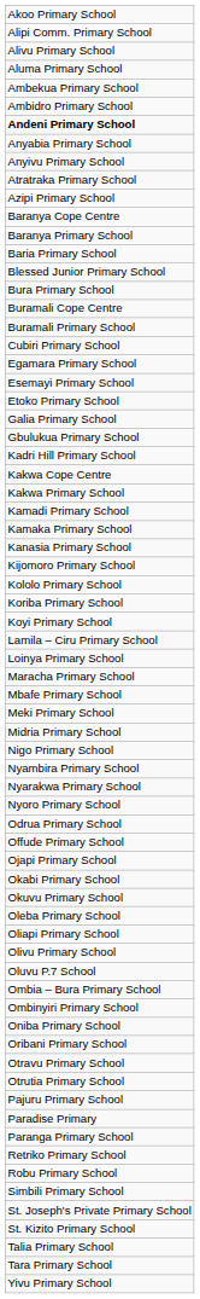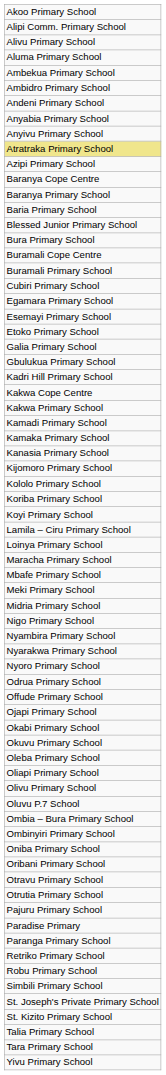 <table class="wikitable">
 <tr>
 <td>Akoo Primary School</td>
 </tr>
 <tr>
 <td>Alipi Comm. Primary School</td>
 </tr>
 <tr>
 <td>Alivu Primary School</td>
 </tr>
 <tr>
 <td>Aluma Primary School</td>
 </tr>
 <tr>
 <td>Ambekua Primary School</td>
 </tr>
 <tr>
 <td>Ambidro Primary School</td>
 </tr>
 <tr>
-<td><strong>Andeni Primary School</strong></td>
+<td>Andeni Primary School</td>
 </tr>
 <tr>
 <td>Anyabia Primary School</td>
 </tr>
 <tr>
 <td>Anyivu Primary School</td>
 </tr>
 <tr>
-<td>Atratraka Primary School</td>
+<td style="background: khaki;">Atratraka Primary School</td>
 </tr>
 <tr>
 <td>Azipi Primary School</td>
 </tr>
 <tr>
 <td>Baranya Cope Centre</td>
 </tr>
 <tr>
 <td>Baranya Primary School</td>
 </tr>
 <tr>
 <td>Baria Primary School</td>
 </tr>
 <tr>
 <td>Blessed Junior Primary School</td>
 </tr>
 <tr>
 <td>Bura Primary School</td>
 </tr>
 <tr>
 <td>Buramali Cope Centre</td>
 </tr>
 <tr>
 <td>Buramali Primary School</td>
 </tr>
 <tr>
 <td>Cubiri Primary School</td>
 </tr>
 <tr>
 <td>Egamara Primary School</td>
 </tr>
 <tr>
 <td>Esemayi Primary School</td>
 </tr>
 <tr>
 <td>Etoko Primary School</td>
 </tr>
 <tr>
 <td>Galia Primary School</td>
 </tr>
 <tr>
 <td>Gbulukua Primary School</td>
 </tr>
 <tr>
 <td>Kadri Hill Primary School</td>
 </tr>
 <tr>
 <td>Kakwa Cope Centre</td>
 </tr>
 <tr>
 <td>Kakwa Primary School</td>
 </tr>
 <tr>
 <td>Kamadi Primary School</td>
 </tr>
 <tr>
 <td>Kamaka Primary School</td>
 </tr>
 <tr>
 <td>Kanasia Primary School</td>
 </tr>
 <tr>
 <td>Kijomoro Primary School</td>
 </tr>
 <tr>
 <td>Kololo Primary School</td>
 </tr>
 <tr>
 <td>Koriba Primary School</td>
 </tr>
 <tr>
 <td>Koyi Primary School</td>
 </tr>
 <tr>
 <td>Lamila – Ciru Primary School</td>
 </tr>
 <tr>
 <td>Loinya Primary School</td>
 </tr>
 <tr>
 <td>Maracha Primary School</td>
 </tr>
 <tr>
 <td>Mbafe Primary School</td>
 </tr>
 <tr>
 <td>Meki Primary School</td>
 </tr>
 <tr>
 <td>Midria Primary School</td>
 </tr>
 <tr>
 <td>Nigo Primary School</td>
 </tr>
 <tr>
 <td>Nyambira Primary School</td>
 </tr>
 <tr>
 <td>Nyarakwa Primary School</td>
 </tr>
 <tr>
 <td>Nyoro Primary School</td>
 </tr>
 <tr>
 <td>Odrua Primary School</td>
 </tr>
 <tr>
 <td>Offude Primary School</td>
 </tr>
 <tr>
 <td>Ojapi Primary School</td>
 </tr>
 <tr>
 <td>Okabi Primary School</td>
 </tr>
 <tr>
 <td>Okuvu Primary School</td>
 </tr>
 <tr>
 <td>Oleba Primary School</td>
 </tr>
 <tr>
 <td>Oliapi Primary School</td>
 </tr>
 <tr>
 <td>Olivu Primary School</td>
 </tr>
 <tr>
 <td>Oluvu P.7 School</td>
 </tr>
 <tr>
 <td>Ombia – Bura Primary School</td>
 </tr>
 <tr>
 <td>Ombinyiri Primary School</td>
 </tr>
 <tr>
 <td>Oniba Primary School</td>
 </tr>
 <tr>
 <td>Oribani Primary School</td>
 </tr>
 <tr>
 <td>Otravu Primary School</td>
 </tr>
 <tr>
 <td>Otrutia Primary School</td>
 </tr>
 <tr>
 <td>Pajuru Primary School</td>
 </tr>
 <tr>
 <td>Paradise Primary</td>
 </tr>
 <tr>
 <td>Paranga Primary School</td>
 </tr>
 <tr>
 <td>Retriko Primary School</td>
 </tr>
 <tr>
 <td>Robu Primary School</td>
 </tr>
 <tr>
 <td>Simbili Primary School</td>
 </tr>
 <tr>
 <td>St. Joseph's Private Primary School</td>
 </tr>
 <tr>
 <td>St. Kizito Primary School</td>
 </tr>
 <tr>
 <td>Talia Primary School</td>
 </tr>
 <tr>
 <td>Tara Primary School</td>
 </tr>
 <tr>
 <td>Yivu Primary School</td>
 </tr>
 </table>
